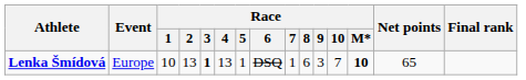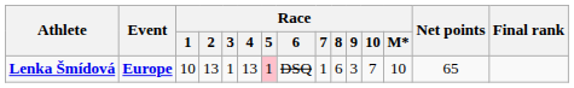 <table class="wikitable" style="font-size:90%">
 <tr>
 <th rowspan=2>Athlete</th>
 <th rowspan=2>Event</th>
 <th colspan=11>Race</th>
 <th rowspan=2>Net points</th>
 <th rowspan=2>Final rank</th>
 </tr>
 <tr style="font-size:95%">
 <th>1</th>
 <th>2</th>
 <th>3</th>
 <th>4</th>
 <th>5</th>
 <th>6</th>
 <th>7</th>
 <th>8</th>
 <th>9</th>
 <th>10</th>
 <th>M*</th>
 </tr>
 <tr align=center>
 <td align=left><strong><a href='#'>Lenka Šmídová</a></strong></td>
-<td align=left><a href='#'>Europe</a></td>
+<td align=left><strong><a href='#'>Europe</a></strong></td>
 <td>10</td>
 <td>13</td>
-<td><strong>1</strong></td>
+<td>1</td>
 <td>13</td>
-<td>1</td>
+<td style="background: pink;">1</td>
 <td><s>DSQ</s></td>
 <td>1</td>
 <td>6</td>
 <td>3</td>
 <td>7</td>
-<td><strong>10</strong></td>
+<td>10</td>
 <td>65</td>
 <td></td>
 </tr>
 </table>
